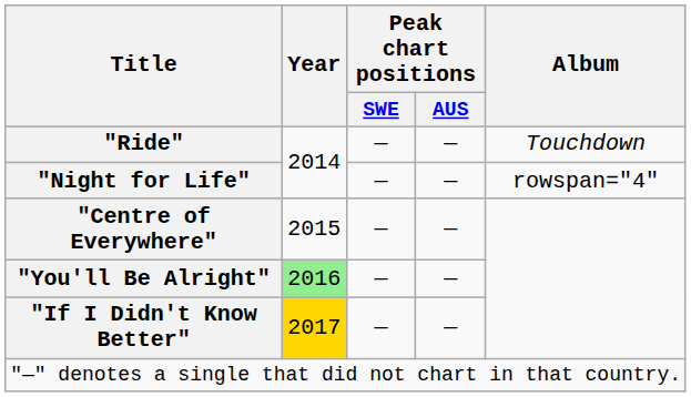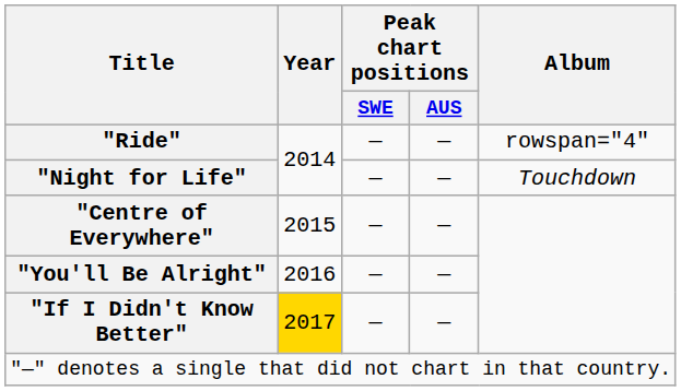 <table class="wikitable plainrowheaders" style="text-align:center;">
 <tr>
 <th scope="col" rowspan="2" style="width:12em;">Title</th>
 <th scope="col" rowspan="2" style="width:1em;">Year</th>
 <th scope="col" colspan="2">Peak chart positions</th>
 <th scope="col" rowspan="2">Album</th>
 </tr>
 <tr>
 <th scope="col" style="width:3em;font-size:90%;"><a href='#'>SWE</a><br></th>
 <th scope="col" style="width:3em;font-size:90%;"><a href='#'>AUS</a><br></th>
 </tr>
 <tr>
 <th scope="row">"Ride"</th>
 <td rowspan="2">2014</td>
 <td>—</td>
 <td>—</td>
-<td><em>Touchdown</em></td>
+<td>rowspan="4" </td>
 </tr>
 <tr>
 <th scope="row">"Night for Life"</th>
 <td>—</td>
 <td>—</td>
-<td>rowspan="4" </td>
+<td><em>Touchdown</em></td>
 </tr>
 <tr>
 <th scope="row">"Centre of Everywhere"</th>
 <td>2015</td>
 <td>—</td>
 <td>—</td>
 </tr>
 <tr>
 <th scope="row">"You'll Be Alright"</th>
-<td style="background: lightgreen;">2016</td>
+<td>2016</td>
 <td>—</td>
 <td>—</td>
 </tr>
 <tr>
 <th scope="row">"If I Didn't Know Better"</th>
 <td style="background: gold;">2017</td>
 <td>—</td>
 <td>—</td>
 </tr>
 <tr>
 <td colspan="5" style="font-size:90%">"—" denotes a single that did not chart in that country.</td>
 </tr>
 </table>
